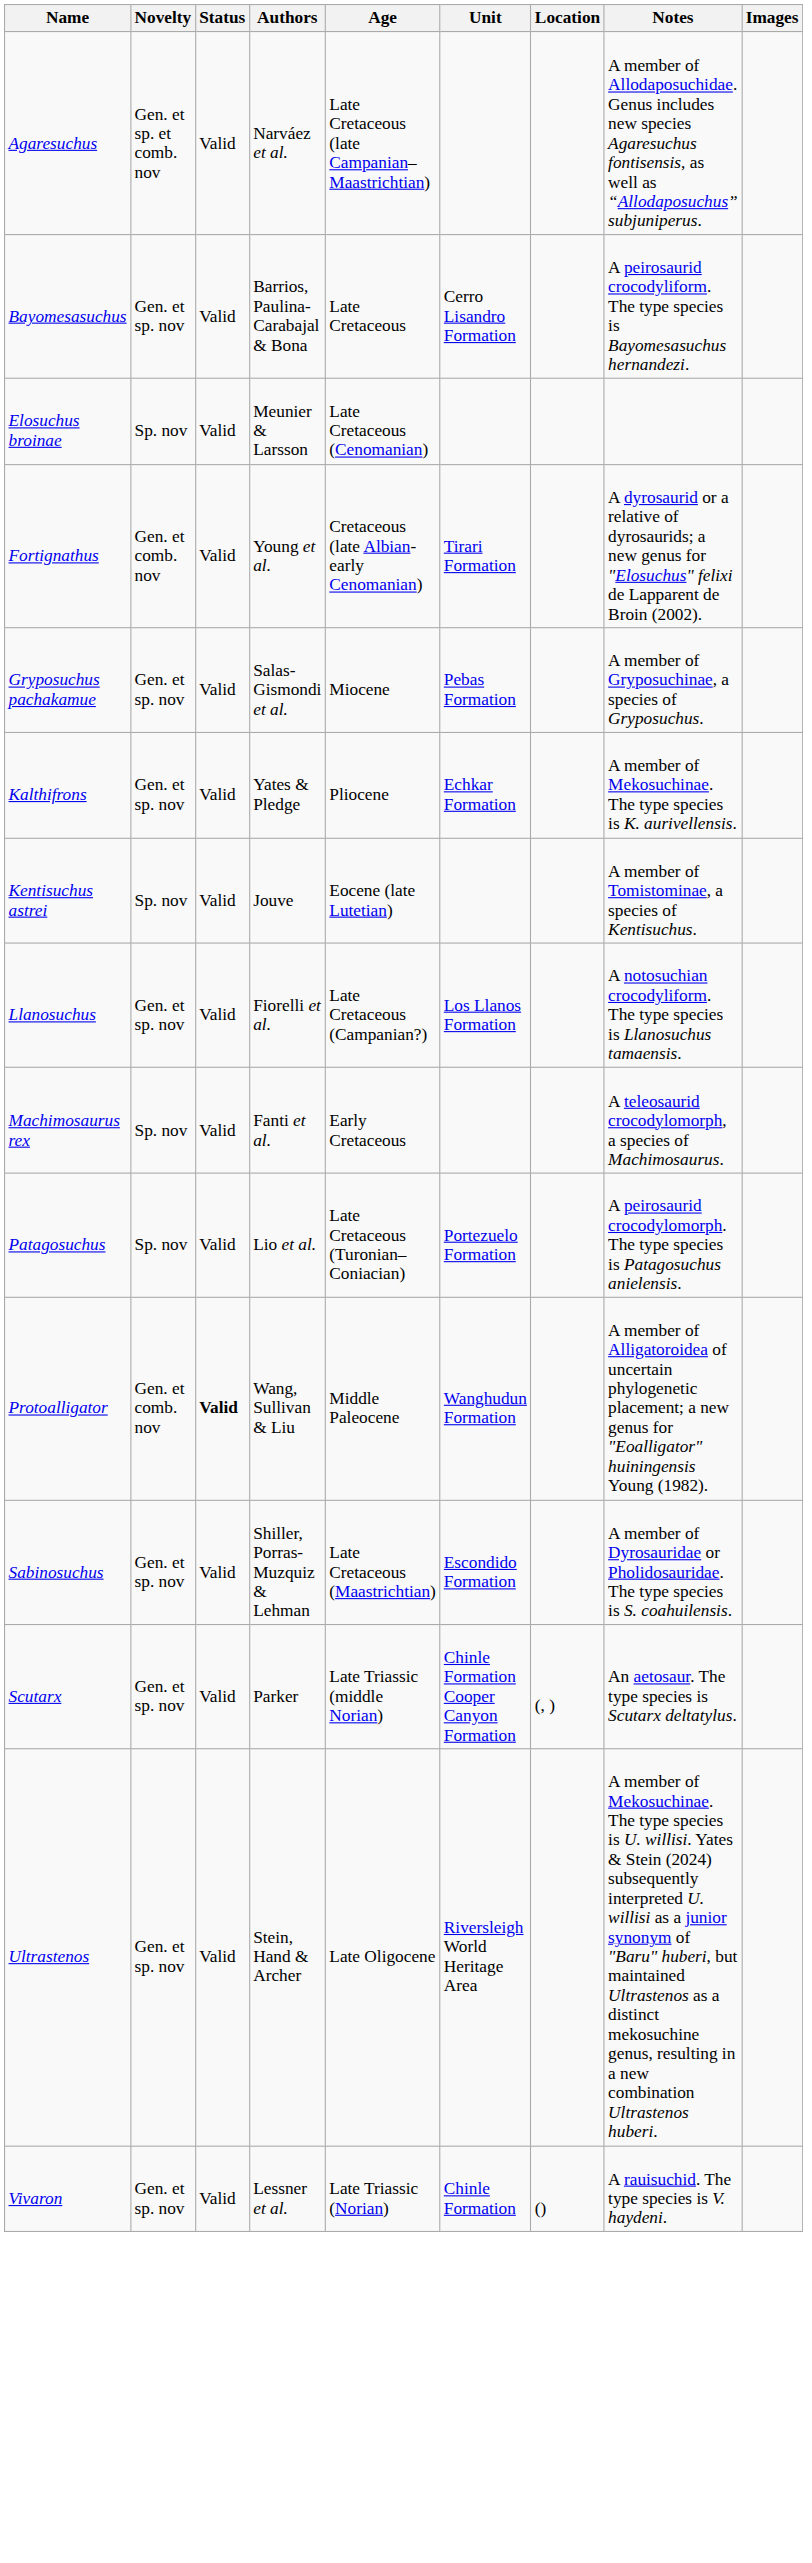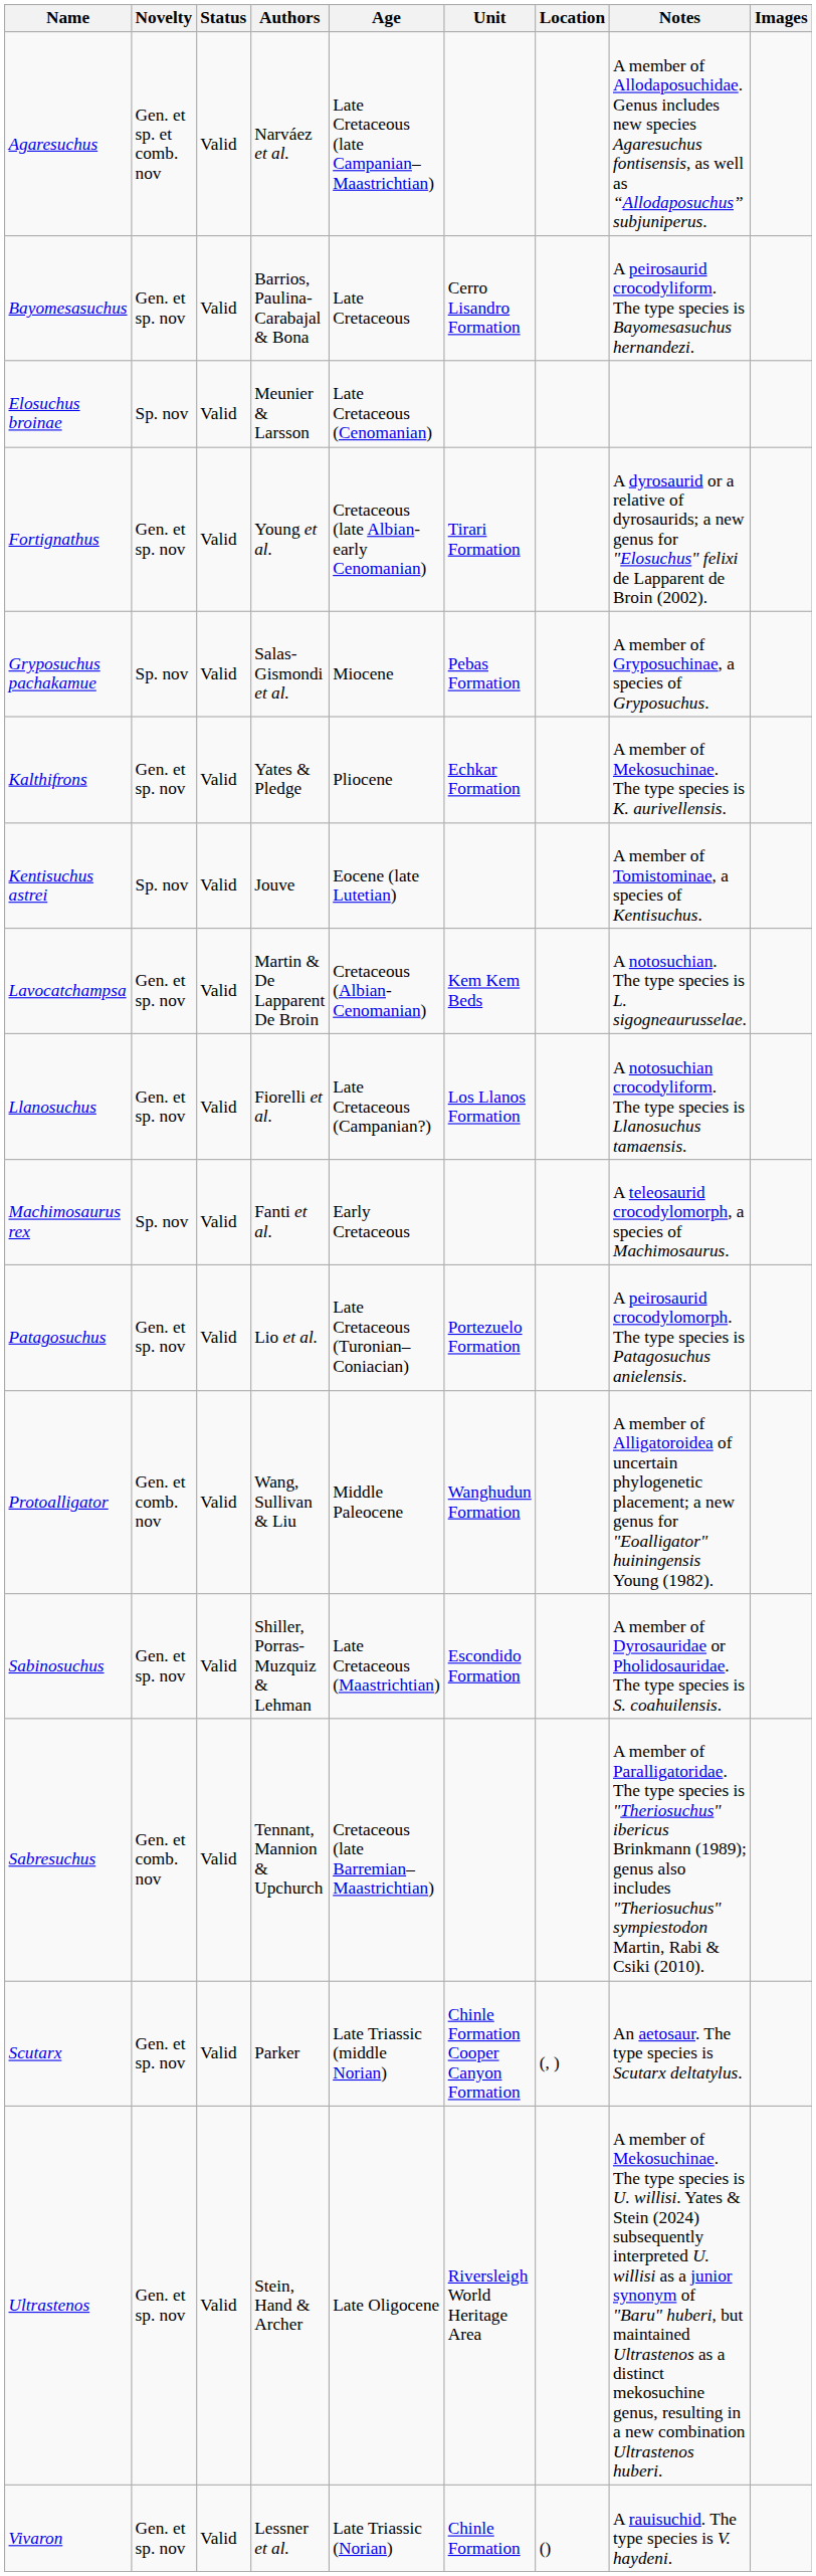 <table class="wikitable sortable" align="center" width="100%">
 <tr>
 <th>Name</th>
 <th>Novelty</th>
 <th>Status</th>
 <th>Authors</th>
 <th>Age</th>
 <th>Unit</th>
 <th>Location</th>
 <th>Notes</th>
 <th>Images</th>
 </tr>
 <tr>
 <td><br><em><a href='#'>Agaresuchus</a></em></td>
 <td><br>Gen. et sp. et comb. nov</td>
 <td><br>Valid</td>
 <td><br>Narváez <em>et al.</em></td>
 <td><br>Late Cretaceous (late <a href='#'>Campanian</a>–<a href='#'>Maastrichtian</a>)</td>
 <td></td>
 <td><br></td>
 <td><br>A member of <a href='#'>Allodaposuchidae</a>. Genus includes new species <em>Agaresuchus fontisensis</em>, as well as <em>“<a href='#'>Allodaposuchus</a>” subjuniperus</em>.</td>
 <td><br></td>
 </tr>
 <tr>
 <td><br><em><a href='#'>Bayomesasuchus</a></em></td>
 <td><br>Gen. et sp. nov</td>
 <td><br>Valid</td>
 <td><br>Barrios, Paulina-Carabajal & Bona</td>
 <td><br>Late Cretaceous</td>
 <td><br>Cerro <a href='#'>Lisandro Formation</a></td>
 <td><br></td>
 <td><br>A <a href='#'>peirosaurid</a> <a href='#'>crocodyliform</a>. The type species is <em>Bayomesasuchus hernandezi</em>.</td>
 <td></td>
 </tr>
 <tr>
 <td><br><em><a href='#'>Elosuchus broinae</a></em></td>
 <td><br>Sp. nov</td>
 <td><br>Valid</td>
 <td><br>Meunier & Larsson</td>
 <td><br>Late Cretaceous (<a href='#'>Cenomanian</a>)</td>
 <td></td>
 <td><br></td>
 <td></td>
 <td></td>
 </tr>
 <tr>
 <td><br><em><a href='#'>Fortignathus</a></em></td>
-<td><br>Gen. et comb. nov</td>
+<td><br>Gen. et sp. nov</td>
 <td><br>Valid</td>
 <td><br>Young <em>et al.</em></td>
 <td><br>Cretaceous (late <a href='#'>Albian</a>-early <a href='#'>Cenomanian</a>)</td>
 <td><br><a href='#'>Tirari Formation</a></td>
 <td><br></td>
 <td><br>A <a href='#'>dyrosaurid</a> or a relative of dyrosaurids; a new genus for <em>"<a href='#'>Elosuchus</a>" felixi</em> de Lapparent de Broin (2002).</td>
 <td></td>
 </tr>
 <tr>
 <td><br><em><a href='#'>Gryposuchus pachakamue</a></em></td>
-<td><br>Gen. et sp. nov</td>
+<td><br>Sp. nov</td>
 <td><br>Valid</td>
 <td><br>Salas-Gismondi <em>et al.</em></td>
 <td><br>Miocene</td>
 <td><br><a href='#'>Pebas Formation</a></td>
 <td><br></td>
 <td><br>A member of <a href='#'>Gryposuchinae</a>, a species of <em>Gryposuchus</em>.</td>
 <td></td>
 </tr>
 <tr>
 <td><br><em><a href='#'>Kalthifrons</a></em></td>
 <td><br>Gen. et sp. nov</td>
 <td><br>Valid</td>
 <td><br>Yates & Pledge</td>
 <td><br>Pliocene</td>
 <td><br><a href='#'>Echkar Formation</a></td>
 <td><br></td>
 <td><br>A member of <a href='#'>Mekosuchinae</a>. The type species is <em>K. aurivellensis</em>.</td>
 <td></td>
 </tr>
 <tr>
 <td><br><em><a href='#'>Kentisuchus astrei</a></em></td>
 <td><br>Sp. nov</td>
 <td><br>Valid</td>
 <td><br>Jouve</td>
 <td><br>Eocene (late <a href='#'>Lutetian</a>)</td>
 <td></td>
 <td><br></td>
 <td><br>A member of <a href='#'>Tomistominae</a>, a species of <em>Kentisuchus</em>.</td>
 <td></td>
 </tr>
 <tr>
+<td><br><em><a href='#'>Lavocatchampsa</a></em></td>
+<td><br>Gen. et sp. nov</td>
+<td><br>Valid</td>
+<td><br>Martin & De Lapparent De Broin</td>
+<td><br>Cretaceous (<a href='#'>Albian</a>-<a href='#'>Cenomanian</a>)</td>
+<td><br><a href='#'>Kem Kem Beds</a></td>
+<td><br></td>
+<td><br>A <a href='#'>notosuchian</a>. The type species is <em>L. sigogneaurusselae</em>.</td>
+<td></td>
+</tr>
+<tr>
 <td><br><em><a href='#'>Llanosuchus</a></em></td>
 <td><br>Gen. et sp. nov</td>
 <td><br>Valid</td>
 <td><br>Fiorelli <em>et al.</em></td>
 <td><br>Late Cretaceous (Campanian?)</td>
 <td><br><a href='#'>Los Llanos Formation</a></td>
 <td><br></td>
 <td><br>A <a href='#'>notosuchian</a> <a href='#'>crocodyliform</a>. The type species is <em>Llanosuchus tamaensis</em>.</td>
 <td></td>
 </tr>
 <tr>
 <td><br><em><a href='#'>Machimosaurus rex</a></em></td>
 <td><br>Sp. nov</td>
 <td><br>Valid</td>
 <td><br>Fanti <em>et al.</em></td>
 <td><br>Early Cretaceous</td>
 <td></td>
 <td><br></td>
 <td><br>A <a href='#'>teleosaurid</a> <a href='#'>crocodylomorph</a>, a species of <em>Machimosaurus</em>.</td>
 <td></td>
 </tr>
 <tr>
 <td><br><em><a href='#'>Patagosuchus</a></em></td>
-<td><br>Sp. nov</td>
+<td><br>Gen. et sp. nov</td>
 <td><br>Valid</td>
 <td><br>Lio <em>et al.</em></td>
 <td><br>Late Cretaceous (Turonian–Coniacian)</td>
 <td><br><a href='#'>Portezuelo Formation</a></td>
 <td><br></td>
 <td><br>A <a href='#'>peirosaurid</a> <a href='#'>crocodylomorph</a>. The type species is <em>Patagosuchus anielensis</em>.</td>
 <td></td>
 </tr>
 <tr>
 <td><br><em><a href='#'>Protoalligator</a></em></td>
 <td><br>Gen. et comb. nov</td>
-<td><strong><br>Valid</strong></td>
+<td><br>Valid</td>
 <td><br>Wang, Sullivan & Liu</td>
 <td><br>Middle Paleocene</td>
 <td><br><a href='#'>Wanghudun Formation</a></td>
 <td><br></td>
 <td><br>A member of <a href='#'>Alligatoroidea</a> of uncertain phylogenetic placement; a new genus for <em>"Eoalligator" huiningensis</em> Young (1982).</td>
 <td></td>
 </tr>
 <tr>
 <td><br><em><a href='#'>Sabinosuchus</a></em></td>
 <td><br>Gen. et sp. nov</td>
 <td><br>Valid</td>
 <td><br>Shiller, Porras-Muzquiz & Lehman</td>
 <td><br>Late Cretaceous (<a href='#'>Maastrichtian</a>)</td>
 <td><br><a href='#'>Escondido Formation</a></td>
 <td><br></td>
 <td><br>A member of <a href='#'>Dyrosauridae</a> or <a href='#'>Pholidosauridae</a>. The type species is <em>S. coahuilensis</em>.</td>
+<td></td>
+</tr>
+<tr>
+<td><br><em><a href='#'>Sabresuchus</a></em></td>
+<td><br>Gen. et comb. nov</td>
+<td><br>Valid</td>
+<td><br>Tennant, Mannion & Upchurch</td>
+<td><br>Cretaceous (late <a href='#'>Barremian</a>–<a href='#'>Maastrichtian</a>)</td>
+<td></td>
+<td><br><br> </td>
+<td><br>A member of <a href='#'>Paralligatoridae</a>. The type species is <em>"<a href='#'>Theriosuchus</a>" ibericus</em> Brinkmann (1989); genus also includes <em>"Theriosuchus" sympiestodon</em> Martin, Rabi & Csiki (2010).</td>
 <td></td>
 </tr>
 <tr>
 <td><br><em><a href='#'>Scutarx</a></em></td>
 <td><br>Gen. et sp. nov</td>
 <td><br>Valid</td>
 <td><br>Parker</td>
 <td><br>Late Triassic (middle <a href='#'>Norian</a>)</td>
 <td><br><a href='#'>Chinle Formation</a><br> <a href='#'>Cooper Canyon Formation</a></td>
 <td><br><br>(, )</td>
 <td><br>An <a href='#'>aetosaur</a>. The type species is <em>Scutarx deltatylus</em>.</td>
 <td></td>
 </tr>
 <tr>
 <td><br><em><a href='#'>Ultrastenos</a></em></td>
 <td><br>Gen. et sp. nov</td>
 <td><br>Valid</td>
 <td><br>Stein, Hand & Archer</td>
 <td><br>Late Oligocene</td>
 <td><br><a href='#'>Riversleigh</a> World Heritage Area</td>
 <td><br></td>
 <td><br>A member of <a href='#'>Mekosuchinae</a>. The type species is <em>U. willisi</em>. Yates & Stein (2024) subsequently interpreted <em>U. willisi</em> as a <a href='#'>junior synonym</a> of <em>"Baru" huberi</em>, but maintained <em>Ultrastenos</em> as a distinct mekosuchine genus, resulting in a new combination <em>Ultrastenos huberi</em>.</td>
 <td></td>
 </tr>
 <tr>
 <td><br><em><a href='#'>Vivaron</a></em></td>
 <td><br>Gen. et sp. nov</td>
 <td><br>Valid</td>
 <td><br>Lessner <em>et al.</em></td>
 <td><br>Late Triassic (<a href='#'>Norian</a>)</td>
 <td><br><a href='#'>Chinle Formation</a></td>
 <td><br><br>()</td>
 <td><br>A <a href='#'>rauisuchid</a>. The type species is <em>V. haydeni</em>.</td>
 <td></td>
 </tr>
 <tr>
 </tr>
 </table>
